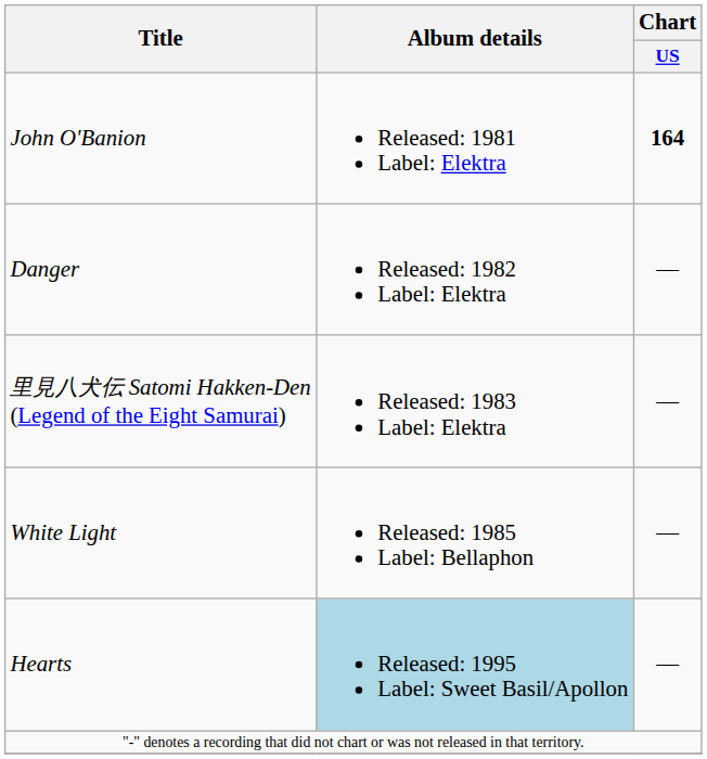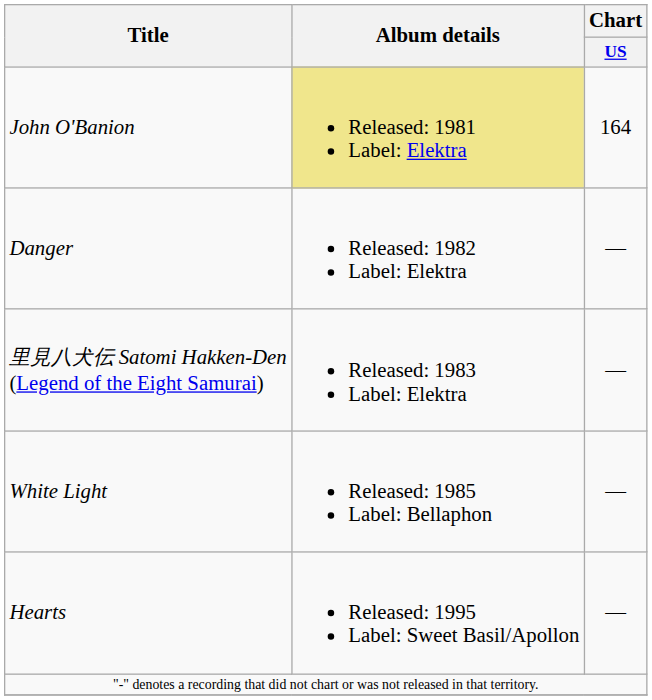 <table Class = "wikitable">
 <tr>
 <th rowspan = "2">Title</th>
 <th rowspan = "2">Album details</th>
 <th colspan = "1">Chart</th>
 </tr>
 <tr Style = "font-size: smaller;">
 <th><a href='#'>US</a></th>
 </tr>
 <tr>
 <td rowspan="1"><em>John O'Banion</em></td>
-<td><br><ul><li>Released: 1981</li><li>Label: <a href='#'>Elektra</a></li></ul></td>
-<td align = "center"><strong>164</strong></td>
+<td style="background: khaki;"><br><ul><li>Released: 1981</li><li>Label: <a href='#'>Elektra</a></li></ul></td>
+<td align = "center">164</td>
 </tr>
 <tr>
 <td rowspan="1"><em>Danger</em></td>
 <td><br><ul><li>Released: 1982</li><li>Label: Elektra</li></ul></td>
 <td align = "center">—</td>
 </tr>
 <tr>
 <td rowspan="1"><em>里見八犬伝 Satomi Hakken-Den</em><br>(<a href='#'>Legend of the Eight Samurai</a>)</td>
 <td><br><ul><li>Released: 1983</li><li>Label: Elektra</li></ul></td>
 <td align = "center">—</td>
 </tr>
 <tr>
 <td rowspan="1"><em>White Light</em></td>
 <td><br><ul><li>Released: 1985</li><li>Label: Bellaphon</li></ul></td>
 <td align = "center">—</td>
 </tr>
 <tr>
 <td rowspan="1"><em>Hearts</em></td>
-<td style="background: lightblue;"><br><ul><li>Released: 1995</li><li>Label: Sweet Basil/Apollon</li></ul></td>
+<td><br><ul><li>Released: 1995</li><li>Label: Sweet Basil/Apollon</li></ul></td>
 <td align = "center">—</td>
 </tr>
 <tr>
 <td align = "center" colspan = "16" style = "font-size: 8pt">"-" denotes a recording that did not chart or was not released in that territory.</td>
 </tr>
 <tr>
 </tr>
 </table>
